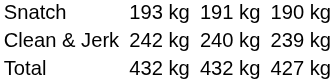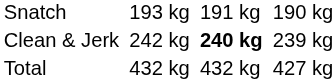 <table>
 <tr>
 <td>Snatch</td>
 <td></td>
 <td>193 kg</td>
 <td></td>
 <td>191 kg</td>
 <td></td>
 <td>190 kg</td>
 </tr>
 <tr>
 <td>Clean & Jerk</td>
 <td></td>
 <td>242 kg</td>
 <td></td>
-<td>240 kg</td>
+<td><strong>240 kg</strong></td>
 <td></td>
 <td>239 kg</td>
 </tr>
 <tr>
 <td>Total</td>
 <td></td>
 <td>432 kg</td>
 <td></td>
 <td>432 kg</td>
 <td></td>
 <td>427 kg</td>
 </tr>
 </table>
